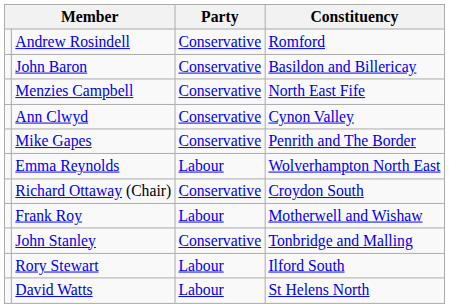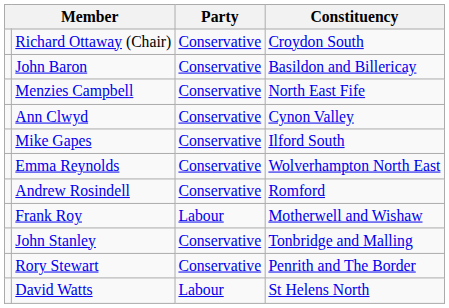 <table class="wikitable">
 <tr>
 <th colspan="2" valign="top">Member</th>
 <th valign="top">Party</th>
 <th valign="top">Constituency</th>
 </tr>
 <tr>
 <td style="color:inherit;background:"></td>
-<td><a href='#'>Andrew Rosindell</a></td>
+<td><a href='#'>Richard Ottaway</a> (Chair)</td>
 <td><a href='#'>Conservative</a></td>
-<td><a href='#'>Romford</a></td>
+<td><a href='#'>Croydon South</a></td>
 </tr>
 <tr>
 <td style="color:inherit;background:"></td>
 <td><a href='#'>John Baron</a></td>
 <td><a href='#'>Conservative</a></td>
 <td><a href='#'>Basildon and Billericay</a></td>
 </tr>
 <tr>
 <td style="color:inherit;background:"></td>
 <td><a href='#'>Menzies Campbell</a></td>
 <td><a href='#'>Conservative</a></td>
 <td><a href='#'>North East Fife</a></td>
 </tr>
 <tr>
 <td style="color:inherit;background:"></td>
 <td><a href='#'>Ann Clwyd</a></td>
 <td><a href='#'>Conservative</a></td>
 <td><a href='#'>Cynon Valley</a></td>
 </tr>
 <tr>
 <td style="color:inherit;background:"></td>
 <td><a href='#'>Mike Gapes</a></td>
 <td><a href='#'>Conservative</a></td>
-<td><a href='#'>Penrith and The Border</a></td>
+<td><a href='#'>Ilford South</a></td>
 </tr>
 <tr>
 <td style="color:inherit;background:"></td>
 <td><a href='#'>Emma Reynolds</a></td>
-<td><a href='#'>Labour</a></td>
+<td><a href='#'>Conservative</a></td>
 <td><a href='#'>Wolverhampton North East</a></td>
 </tr>
 <tr>
 <td style="color:inherit;background:"></td>
-<td><a href='#'>Richard Ottaway</a> (Chair)</td>
+<td><a href='#'>Andrew Rosindell</a></td>
 <td><a href='#'>Conservative</a></td>
-<td><a href='#'>Croydon South</a></td>
+<td><a href='#'>Romford</a></td>
 </tr>
 <tr>
 <td style="color:inherit;background:"></td>
 <td><a href='#'>Frank Roy</a></td>
 <td><a href='#'>Labour</a></td>
 <td><a href='#'>Motherwell and Wishaw</a></td>
 </tr>
 <tr>
 <td style="color:inherit;background:"></td>
 <td><a href='#'>John Stanley</a></td>
 <td><a href='#'>Conservative</a></td>
 <td><a href='#'>Tonbridge and Malling</a></td>
 </tr>
 <tr>
 <td style="color:inherit;background:"></td>
 <td><a href='#'>Rory Stewart</a></td>
-<td><a href='#'>Labour</a></td>
-<td><a href='#'>Ilford South</a></td>
+<td><a href='#'>Conservative</a></td>
+<td><a href='#'>Penrith and The Border</a></td>
 </tr>
 <tr>
 <td style="color:inherit;background:"></td>
 <td><a href='#'>David Watts</a></td>
 <td><a href='#'>Labour</a></td>
 <td><a href='#'>St Helens North</a></td>
 </tr>
 </table>
